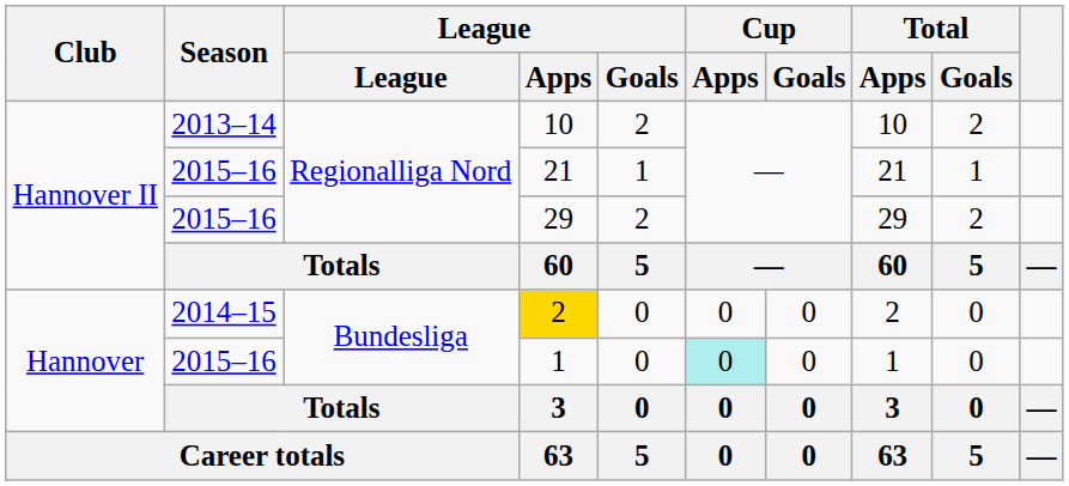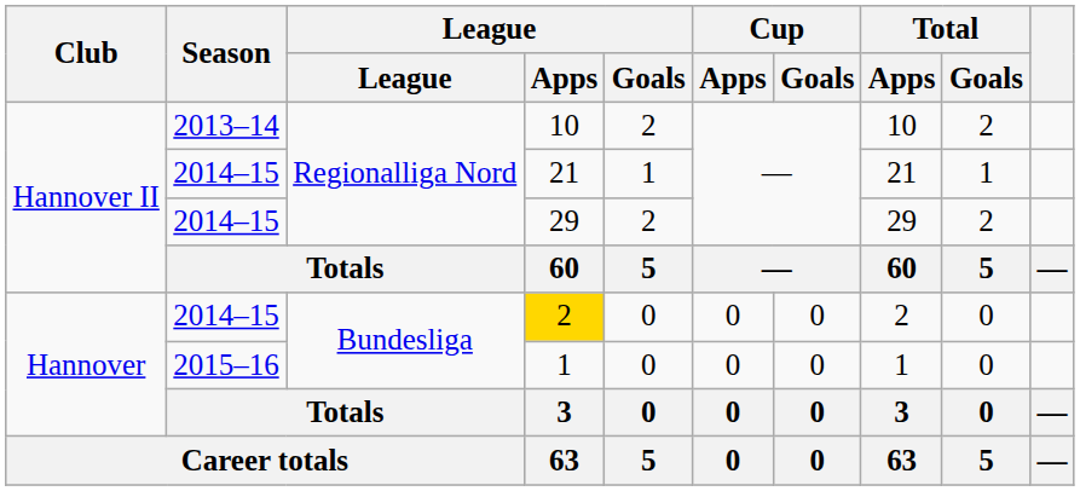 <table class="wikitable" Style="text-align: center">
 <tr>
 <th rowspan="2">Club</th>
 <th rowspan="2">Season</th>
 <th colspan="3">League</th>
 <th colspan="2">Cup</th>
 <th colspan="2">Total</th>
 <th rowspan="2"></th>
 </tr>
 <tr>
 <th>League</th>
 <th>Apps</th>
 <th>Goals</th>
 <th>Apps</th>
 <th>Goals</th>
 <th>Apps</th>
 <th>Goals</th>
 </tr>
 <tr>
 <td rowspan="4"><a href='#'>Hannover II</a></td>
 <td><a href='#'>2013–14</a></td>
 <td rowspan="3"><a href='#'>Regionalliga Nord</a></td>
 <td>10</td>
 <td>2</td>
 <td rowspan="3" colspan="2">—</td>
 <td>10</td>
 <td>2</td>
 <td></td>
 </tr>
 <tr>
-<td><a href='#'>2015–16</a></td>
+<td><a href='#'>2014–15</a></td>
 <td>21</td>
 <td>1</td>
 <td>21</td>
 <td>1</td>
 <td></td>
 </tr>
 <tr>
-<td><a href='#'>2015–16</a></td>
+<td><a href='#'>2014–15</a></td>
 <td>29</td>
 <td>2</td>
 <td>29</td>
 <td>2</td>
 <td></td>
 </tr>
 <tr>
 <th colspan="2">Totals</th>
 <th>60</th>
 <th>5</th>
 <th colspan="2">—</th>
 <th>60</th>
 <th>5</th>
 <th>—</th>
 </tr>
 <tr>
 <td rowspan="3"><a href='#'>Hannover</a></td>
 <td><a href='#'>2014–15</a></td>
 <td rowspan="2"><a href='#'>Bundesliga</a></td>
 <td style="background: gold;">2</td>
 <td>0</td>
 <td>0</td>
 <td>0</td>
 <td>2</td>
 <td>0</td>
 <td></td>
 </tr>
 <tr>
 <td><a href='#'>2015–16</a></td>
 <td>1</td>
 <td>0</td>
-<td style="background: paleturquoise;">0</td>
+<td>0</td>
 <td>0</td>
 <td>1</td>
 <td>0</td>
 <td></td>
 </tr>
 <tr>
 <th colspan="2">Totals</th>
 <th>3</th>
 <th>0</th>
 <th>0</th>
 <th>0</th>
 <th>3</th>
 <th>0</th>
 <th>—</th>
 </tr>
 <tr>
 <th colspan="3">Career totals</th>
 <th>63</th>
 <th>5</th>
 <th>0</th>
 <th>0</th>
 <th>63</th>
 <th>5</th>
 <th>—</th>
 </tr>
 </table>
